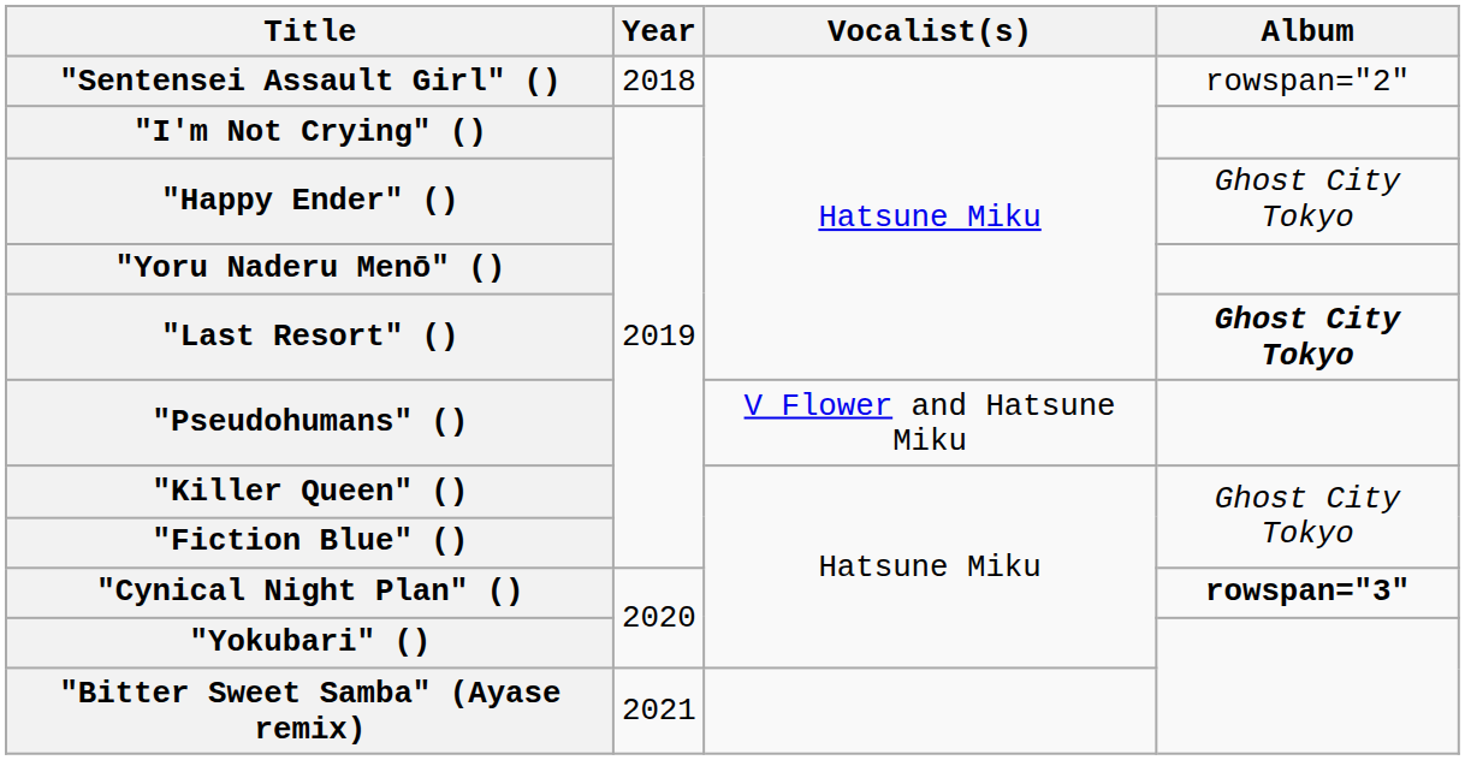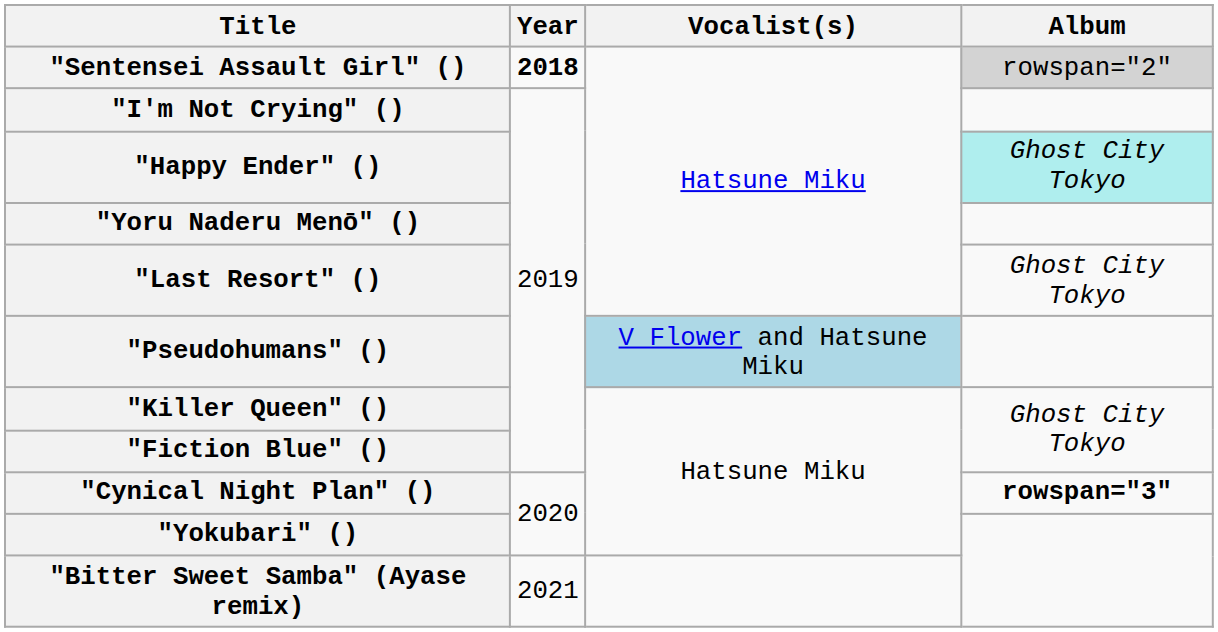 <table class="wikitable plainrowheaders" style="text-align:center;">
 <tr>
 <th scope="col">Title</th>
 <th scope="col">Year</th>
 <th scope="col">Vocalist(s)</th>
 <th scope="col">Album</th>
 </tr>
 <tr>
 <th scope="row">"Sentensei Assault Girl" ()</th>
-<td>2018</td>
+<td><strong>2018</strong></td>
 <td rowspan="5"><a href='#'>Hatsune Miku</a></td>
-<td>rowspan="2" </td>
+<td style="background: lightgrey;">rowspan="2" </td>
 </tr>
 <tr>
 <th scope="row">"I'm Not Crying" ()</th>
 <td rowspan="7">2019</td>
 </tr>
 <tr>
 <th scope="row">"Happy Ender" ()</th>
-<td><em>Ghost City Tokyo</em></td>
+<td style="background: paleturquoise;"><em>Ghost City Tokyo</em></td>
 </tr>
 <tr>
 <th scope="row">"Yoru Naderu Menō" ()</th>
 <td></td>
 </tr>
 <tr>
 <th scope="row">"Last Resort" ()</th>
-<td><strong><em>Ghost City Tokyo</em></strong></td>
+<td><em>Ghost City Tokyo</em></td>
 </tr>
 <tr>
 <th scope="row">"Pseudohumans" ()</th>
-<td><a href='#'>V Flower</a> and Hatsune Miku</td>
+<td style="background: lightblue;"><a href='#'>V Flower</a> and Hatsune Miku</td>
 <td></td>
 </tr>
 <tr>
 <th scope="row">"Killer Queen" ()</th>
 <td rowspan="4">Hatsune Miku</td>
 <td rowspan="2"><em>Ghost City Tokyo</em></td>
 </tr>
 <tr>
 <th scope="row">"Fiction Blue" ()</th>
 </tr>
 <tr>
 <th scope="row">"Cynical Night Plan" ()</th>
 <td rowspan="2">2020</td>
 <td><strong>rowspan="3" </strong></td>
 </tr>
 <tr>
 <th scope="row">"Yokubari" ()</th>
 </tr>
 <tr>
 <th scope="row">"Bitter Sweet Samba" (Ayase remix)</th>
 <td>2021</td>
 <td></td>
 </tr>
 </table>
